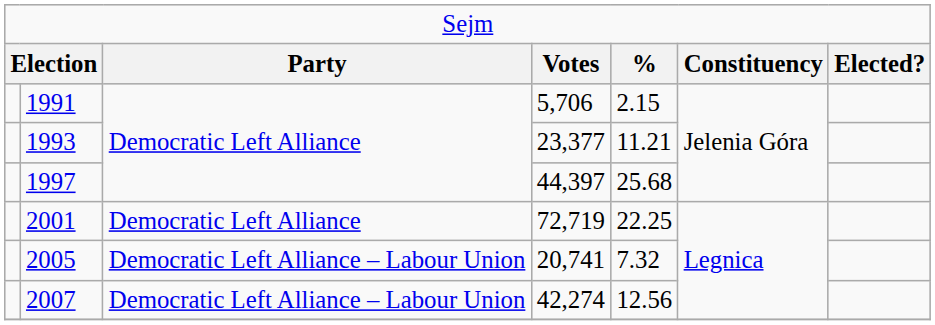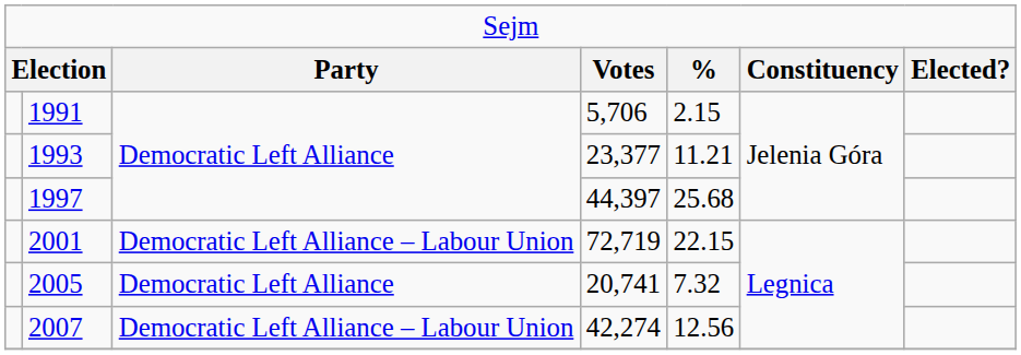 <table class = 'wikitable'>
 <tr>
 <td colspan="7" style="text-align:center;"><a href='#'>Sejm</a></td>
 </tr>
 <tr>
 <th colspan="2">Election</th>
 <th>Party</th>
 <th>Votes</th>
 <th>%</th>
 <th>Constituency</th>
 <th>Elected?</th>
 </tr>
 <tr>
 <td style="background-color: "></td>
 <td><a href='#'>1991</a></td>
 <td rowspan="3"><a href='#'>Democratic Left Alliance</a></td>
 <td>5,706</td>
 <td>2.15</td>
 <td rowspan="3">Jelenia Góra</td>
 <td></td>
 </tr>
 <tr>
 <td style="background-color: "></td>
 <td><a href='#'>1993</a></td>
 <td>23,377</td>
 <td>11.21</td>
 <td></td>
 </tr>
 <tr>
 <td style="background-color: "></td>
 <td><a href='#'>1997</a></td>
 <td>44,397</td>
 <td>25.68</td>
 <td></td>
 </tr>
 <tr>
 <td style="background-color: "></td>
 <td><a href='#'>2001</a></td>
-<td><a href='#'>Democratic Left Alliance</a></td>
+<td><a href='#'>Democratic Left Alliance – Labour Union</a></td>
 <td>72,719</td>
-<td>22.25</td>
+<td>22.15</td>
 <td rowspan="3"><a href='#'>Legnica</a></td>
 <td></td>
 </tr>
 <tr>
 <td style="background-color: "></td>
 <td><a href='#'>2005</a></td>
-<td><a href='#'>Democratic Left Alliance – Labour Union</a></td>
+<td><a href='#'>Democratic Left Alliance</a></td>
 <td>20,741</td>
 <td>7.32</td>
 <td></td>
 </tr>
 <tr>
 <td style="background-color: "></td>
 <td><a href='#'>2007</a></td>
 <td><a href='#'>Democratic Left Alliance – Labour Union</a></td>
 <td>42,274</td>
 <td>12.56</td>
 <td></td>
 </tr>
 <tr>
 </tr>
 </table>
